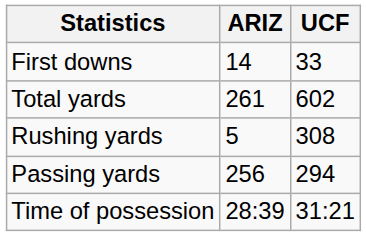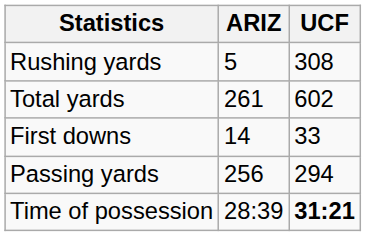 <table class="wikitable" style="float: right;">
 <tr>
 <th>Statistics</th>
 <th>ARIZ</th>
 <th>UCF</th>
 </tr>
 <tr>
-<td>First downs</td>
-<td>14</td>
-<td>33</td>
+<td>Rushing yards</td>
+<td>5</td>
+<td>308</td>
 </tr>
 <tr>
 <td>Total yards</td>
 <td>261</td>
 <td>602</td>
 </tr>
 <tr>
-<td>Rushing yards</td>
-<td>5</td>
-<td>308</td>
+<td>First downs</td>
+<td>14</td>
+<td>33</td>
 </tr>
 <tr>
 <td>Passing yards</td>
 <td>256</td>
 <td>294</td>
 </tr>
 <tr>
 <td>Time of possession</td>
 <td>28:39</td>
-<td>31:21</td>
+<td><strong>31:21</strong></td>
 </tr>
 </table>
